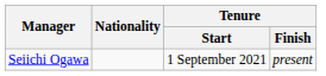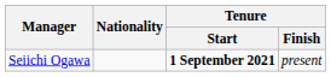 <table class="wikitable">
 <tr>
 <th rowspan="2">Manager</th>
 <th rowspan="2">Nationality</th>
 <th colspan="2">Tenure  </th>
 </tr>
 <tr>
 <th>Start</th>
 <th>Finish </th>
 </tr>
 <tr>
 <td><a href='#'>Seiichi Ogawa</a></td>
 <td></td>
-<td>1 September 2021</td>
+<td><strong>1 September 2021</strong></td>
 <td><em>present</em><br></td>
 </tr>
 </table>
